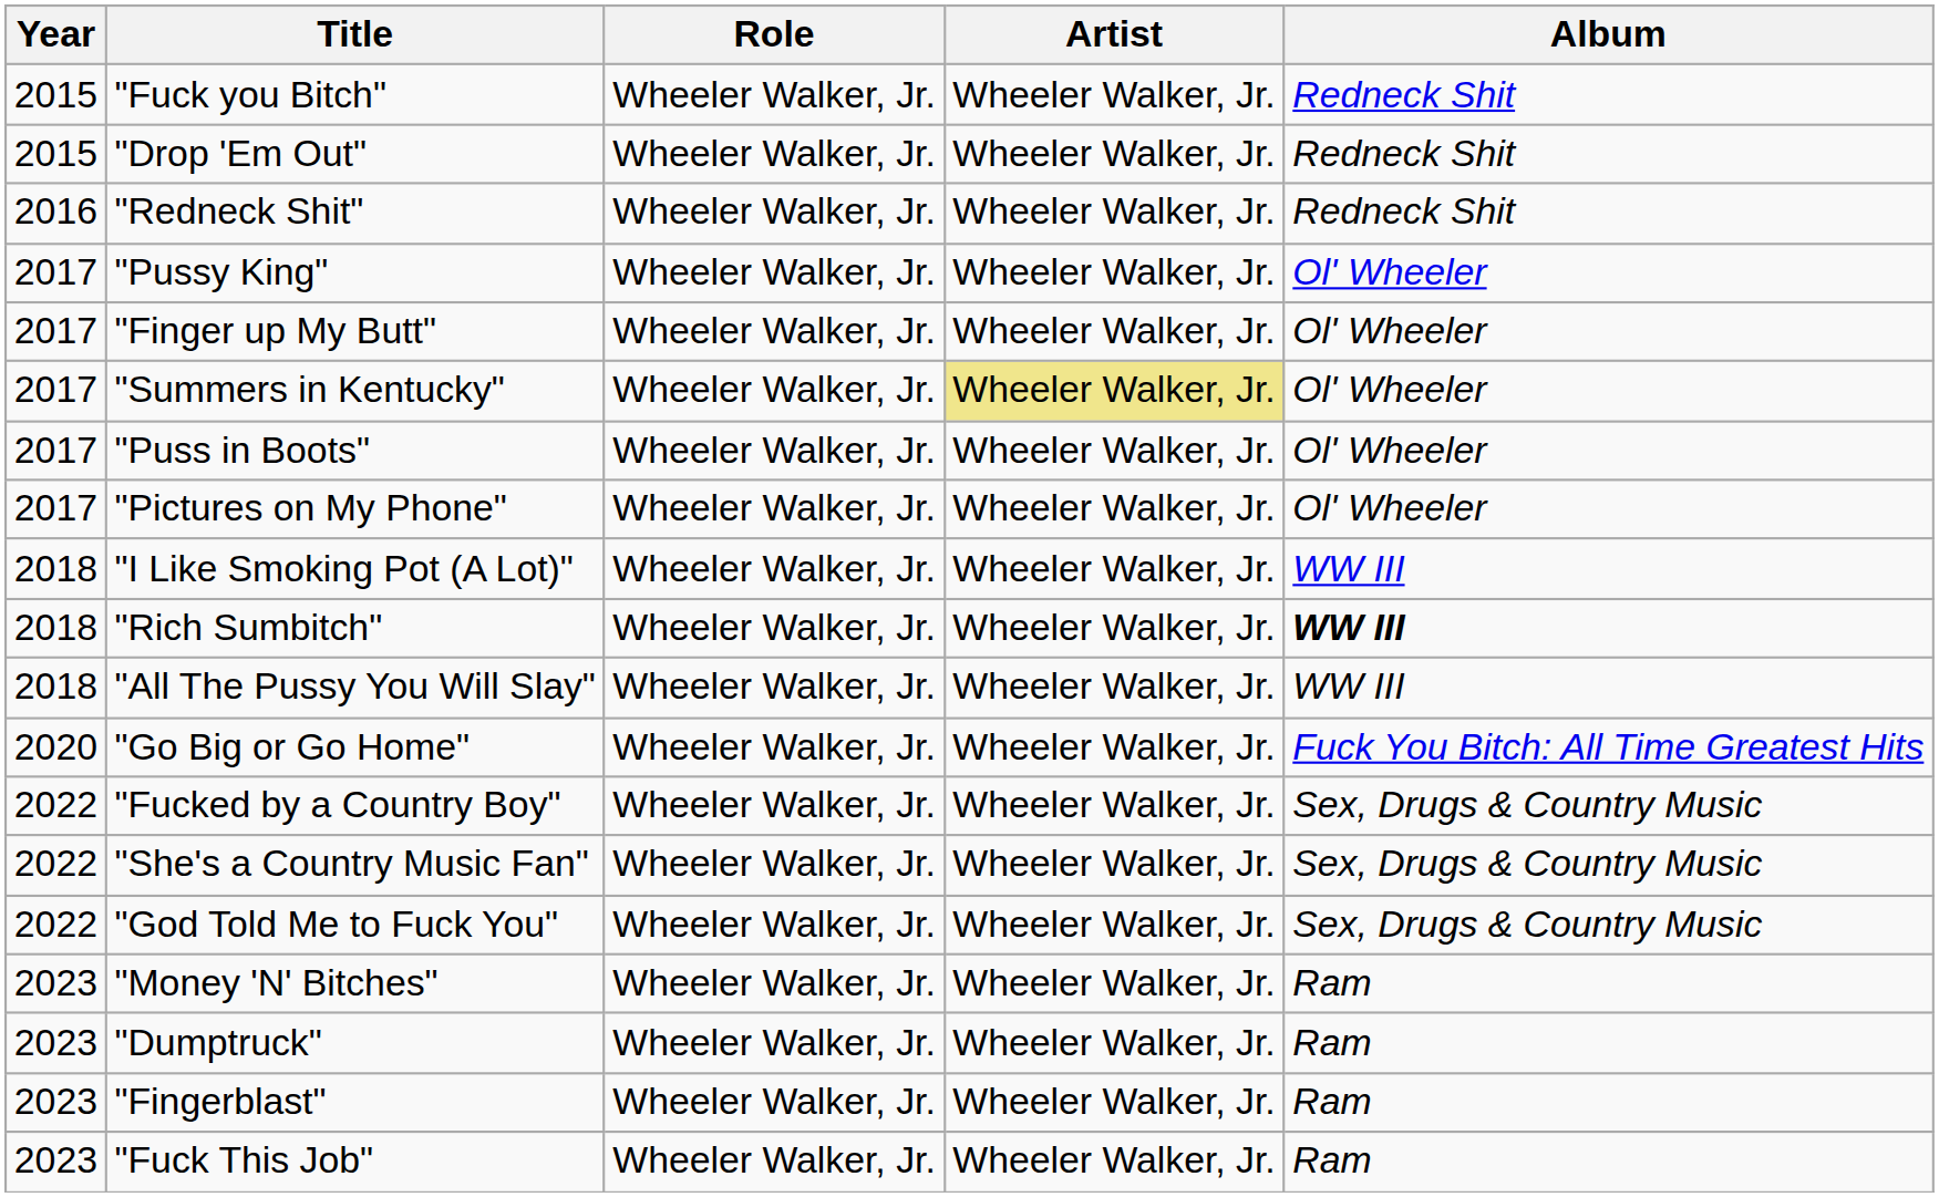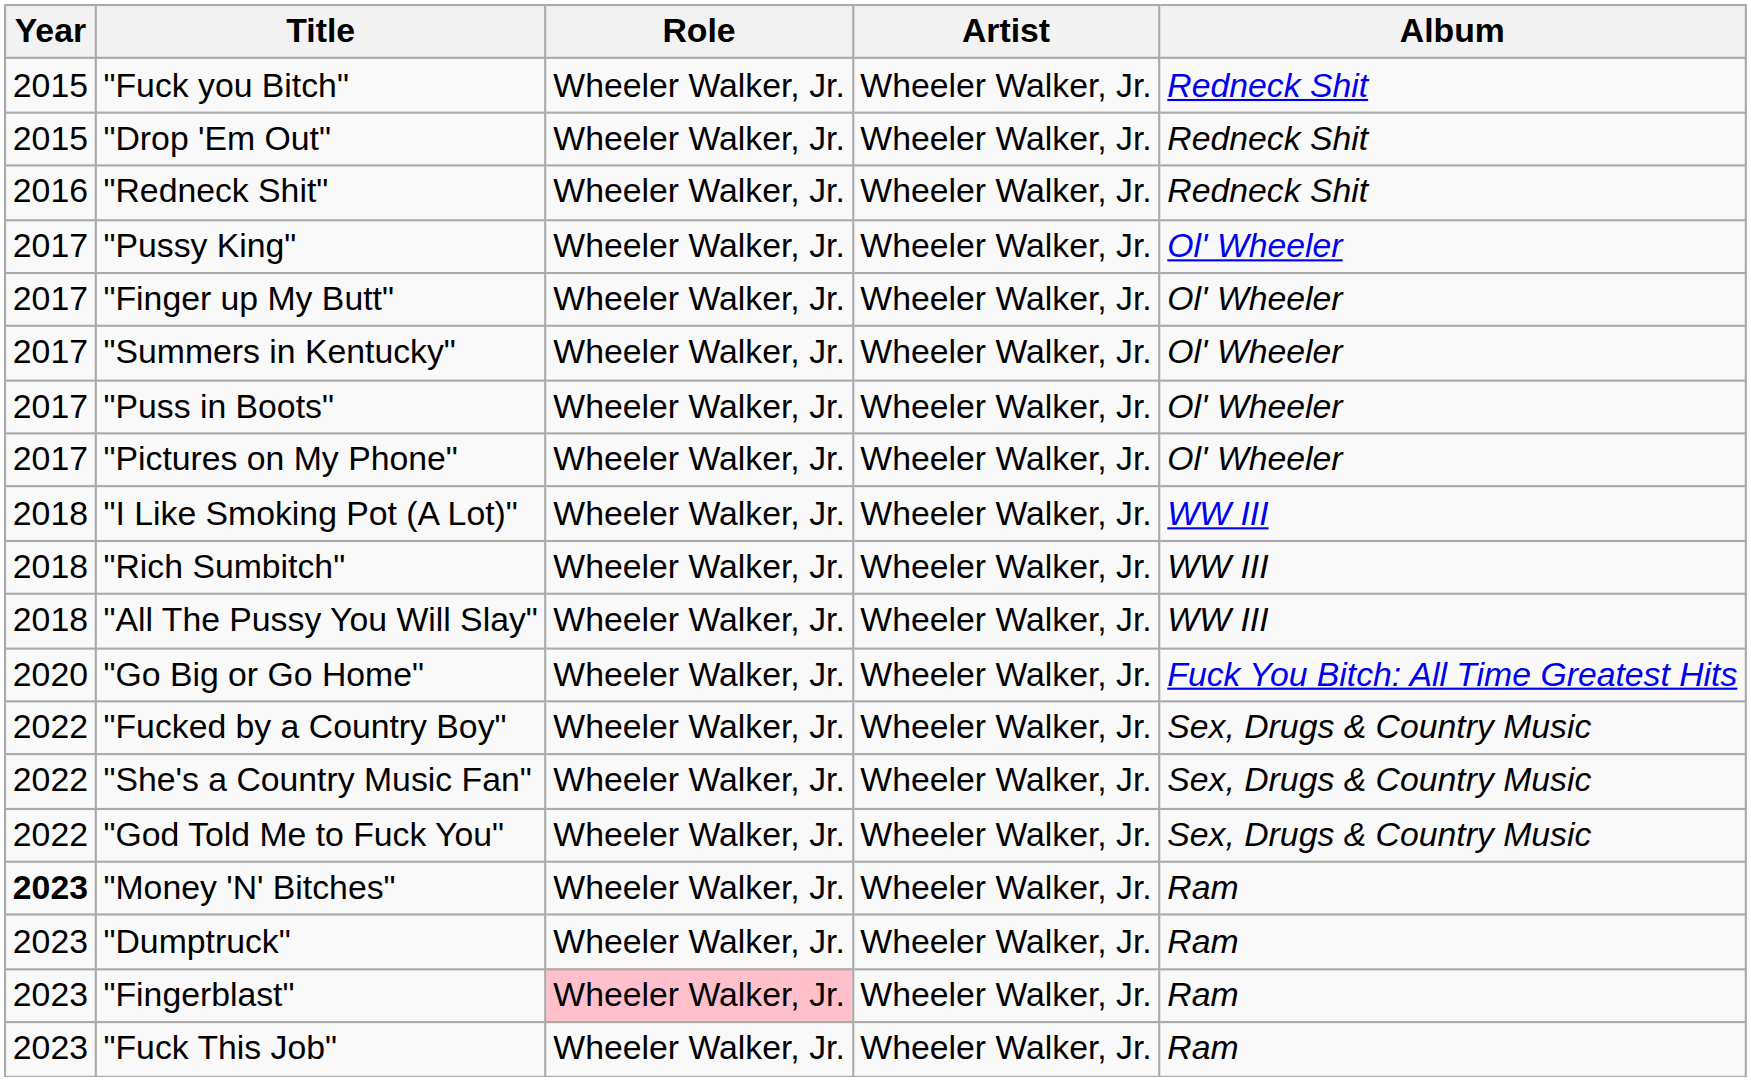 <table class="wikitable">
 <tr>
 <th>Year</th>
 <th>Title</th>
 <th>Role</th>
 <th>Artist</th>
 <th>Album</th>
 </tr>
 <tr>
 <td>2015</td>
 <td>"Fuck you Bitch"</td>
 <td>Wheeler Walker, Jr.</td>
 <td>Wheeler Walker, Jr.</td>
 <td><em><a href='#'>Redneck Shit</a></em></td>
 </tr>
 <tr>
 <td>2015</td>
 <td>"Drop 'Em Out"</td>
 <td>Wheeler Walker, Jr.</td>
 <td>Wheeler Walker, Jr.</td>
 <td><em>Redneck Shit</em></td>
 </tr>
 <tr>
 <td>2016</td>
 <td>"Redneck Shit"</td>
 <td>Wheeler Walker, Jr.</td>
 <td>Wheeler Walker, Jr.</td>
 <td><em>Redneck Shit</em></td>
 </tr>
 <tr>
 <td>2017</td>
 <td>"Pussy King"</td>
 <td>Wheeler Walker, Jr.</td>
 <td>Wheeler Walker, Jr.</td>
 <td><em><a href='#'>Ol' Wheeler</a></em></td>
 </tr>
 <tr>
 <td>2017</td>
 <td>"Finger up My Butt"</td>
 <td>Wheeler Walker, Jr.</td>
 <td>Wheeler Walker, Jr.</td>
 <td><em>Ol' Wheeler</em></td>
 </tr>
 <tr>
 <td>2017</td>
 <td>"Summers in Kentucky"</td>
 <td>Wheeler Walker, Jr.</td>
-<td style="background: khaki;">Wheeler Walker, Jr.</td>
+<td>Wheeler Walker, Jr.</td>
 <td><em>Ol' Wheeler</em></td>
 </tr>
 <tr>
 <td>2017</td>
 <td>"Puss in Boots"</td>
 <td>Wheeler Walker, Jr.</td>
 <td>Wheeler Walker, Jr.</td>
 <td><em>Ol' Wheeler</em></td>
 </tr>
 <tr>
 <td>2017</td>
 <td>"Pictures on My Phone"</td>
 <td>Wheeler Walker, Jr.</td>
 <td>Wheeler Walker, Jr.</td>
 <td><em>Ol' Wheeler</em></td>
 </tr>
 <tr>
 <td>2018</td>
 <td>"I Like Smoking Pot (A Lot)"</td>
 <td>Wheeler Walker, Jr.</td>
 <td>Wheeler Walker, Jr.</td>
 <td><em><a href='#'>WW III</a></em></td>
 </tr>
 <tr>
 <td>2018</td>
 <td>"Rich Sumbitch"</td>
 <td>Wheeler Walker, Jr.</td>
 <td>Wheeler Walker, Jr.</td>
-<td><strong><em>WW III</em></strong></td>
+<td><em>WW III</em></td>
 </tr>
 <tr>
 <td>2018</td>
 <td>"All The Pussy You Will Slay"</td>
 <td>Wheeler Walker, Jr.</td>
 <td>Wheeler Walker, Jr.</td>
 <td><em>WW III</em></td>
 </tr>
 <tr>
 <td>2020</td>
 <td>"Go Big or Go Home"</td>
 <td>Wheeler Walker, Jr.</td>
 <td>Wheeler Walker, Jr.</td>
 <td><em><a href='#'>Fuck You Bitch: All Time Greatest Hits</a></em></td>
 </tr>
 <tr>
 <td>2022</td>
 <td>"Fucked by a Country Boy"</td>
 <td>Wheeler Walker, Jr.</td>
 <td>Wheeler Walker, Jr.</td>
 <td><em>Sex, Drugs & Country Music</em></td>
 </tr>
 <tr>
 <td>2022</td>
 <td>"She's a Country Music Fan"</td>
 <td>Wheeler Walker, Jr.</td>
 <td>Wheeler Walker, Jr.</td>
 <td><em>Sex, Drugs & Country Music</em></td>
 </tr>
 <tr>
 <td>2022</td>
 <td>"God Told Me to Fuck You"</td>
 <td>Wheeler Walker, Jr.</td>
 <td>Wheeler Walker, Jr.</td>
 <td><em>Sex, Drugs & Country Music</em></td>
 </tr>
 <tr>
-<td>2023</td>
+<td><strong>2023</strong></td>
 <td>"Money 'N' Bitches"</td>
 <td>Wheeler Walker, Jr.</td>
 <td>Wheeler Walker, Jr.</td>
 <td><em>Ram</em></td>
 </tr>
 <tr>
 <td>2023</td>
 <td>"Dumptruck"</td>
 <td>Wheeler Walker, Jr.</td>
 <td>Wheeler Walker, Jr.</td>
 <td><em>Ram</em></td>
 </tr>
 <tr>
 <td>2023</td>
 <td>"Fingerblast"</td>
-<td>Wheeler Walker, Jr.</td>
+<td style="background: pink;">Wheeler Walker, Jr.</td>
 <td>Wheeler Walker, Jr.</td>
 <td><em>Ram</em></td>
 </tr>
 <tr>
 <td>2023</td>
 <td>"Fuck This Job"</td>
 <td>Wheeler Walker, Jr.</td>
 <td>Wheeler Walker, Jr.</td>
 <td><em>Ram</em></td>
 </tr>
 <tr>
 </tr>
 </table>
